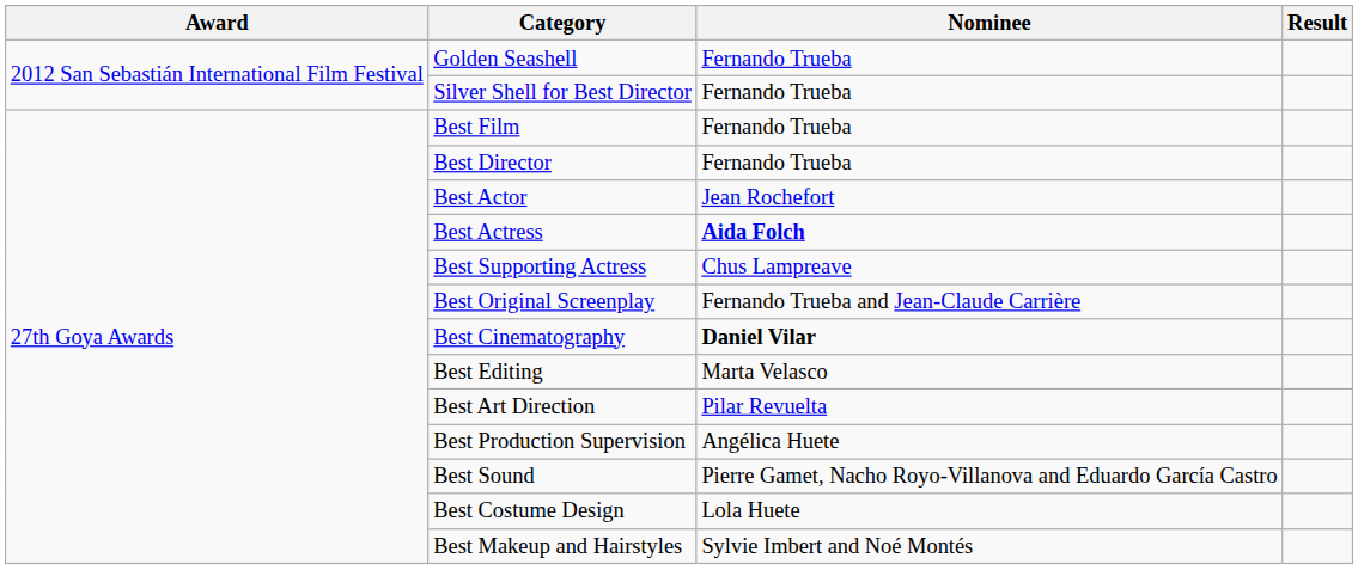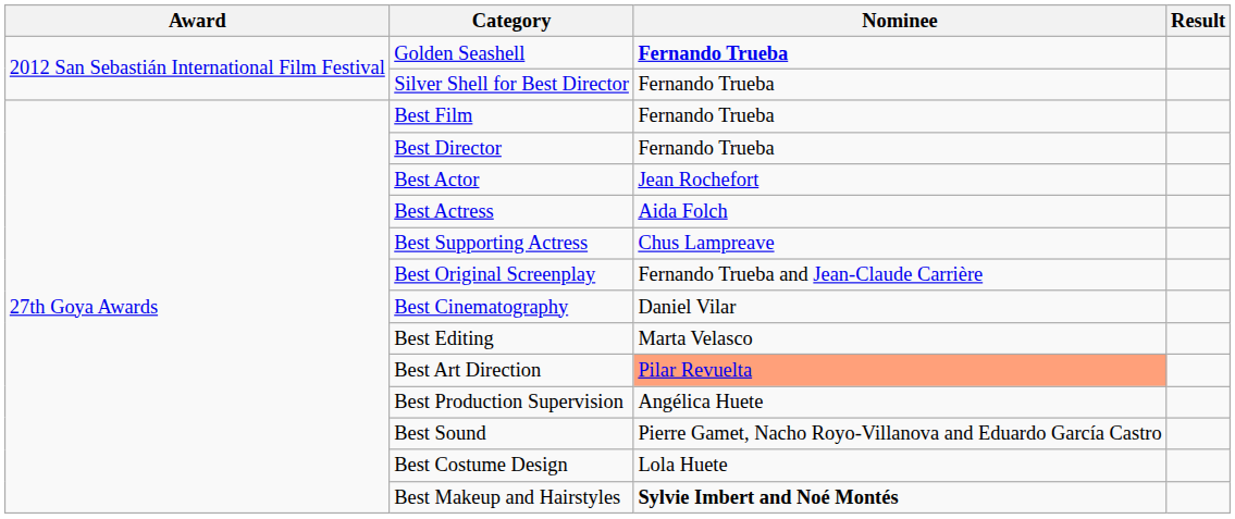 <table class="wikitable">
 <tr>
 <th>Award</th>
 <th>Category</th>
 <th>Nominee</th>
 <th>Result</th>
 </tr>
 <tr>
 <td rowspan=2><a href='#'>2012 San Sebastián International Film Festival</a></td>
 <td><a href='#'>Golden Seashell</a></td>
-<td><a href='#'>Fernando Trueba</a></td>
+<td><strong><a href='#'>Fernando Trueba</a></strong></td>
 <td></td>
 </tr>
 <tr>
 <td><a href='#'>Silver Shell for Best Director</a></td>
 <td>Fernando Trueba</td>
 <td></td>
 </tr>
 <tr>
 <td rowspan=13><a href='#'>27th Goya Awards</a></td>
 <td><a href='#'>Best Film</a></td>
 <td>Fernando Trueba</td>
 <td></td>
 </tr>
 <tr>
 <td><a href='#'>Best Director</a></td>
 <td>Fernando Trueba</td>
 <td></td>
 </tr>
 <tr>
 <td><a href='#'>Best Actor</a></td>
 <td><a href='#'>Jean Rochefort</a></td>
 <td></td>
 </tr>
 <tr>
 <td><a href='#'>Best Actress</a></td>
-<td><strong><a href='#'>Aida Folch</a></strong></td>
+<td><a href='#'>Aida Folch</a></td>
 <td></td>
 </tr>
 <tr>
 <td><a href='#'>Best Supporting Actress</a></td>
 <td><a href='#'>Chus Lampreave</a></td>
 <td></td>
 </tr>
 <tr>
 <td><a href='#'>Best Original Screenplay</a></td>
 <td>Fernando Trueba and <a href='#'>Jean-Claude Carrière</a></td>
 <td></td>
 </tr>
 <tr>
 <td><a href='#'>Best Cinematography</a></td>
-<td><strong>Daniel Vilar</strong></td>
+<td>Daniel Vilar</td>
 <td></td>
 </tr>
 <tr>
 <td>Best Editing</td>
 <td>Marta Velasco</td>
 <td></td>
 </tr>
 <tr>
 <td>Best Art Direction</td>
-<td><a href='#'>Pilar Revuelta</a></td>
+<td style="background: lightsalmon;"><a href='#'>Pilar Revuelta</a></td>
 <td></td>
 </tr>
 <tr>
 <td>Best Production Supervision</td>
 <td>Angélica Huete</td>
 <td></td>
 </tr>
 <tr>
 <td>Best Sound</td>
 <td>Pierre Gamet, Nacho Royo-Villanova and Eduardo García Castro</td>
 <td></td>
 </tr>
 <tr>
 <td>Best Costume Design</td>
 <td>Lola Huete</td>
 <td></td>
 </tr>
 <tr>
 <td>Best Makeup and Hairstyles</td>
-<td>Sylvie Imbert and Noé Montés</td>
+<td><strong>Sylvie Imbert and Noé Montés</strong></td>
 <td></td>
 </tr>
 </table>
